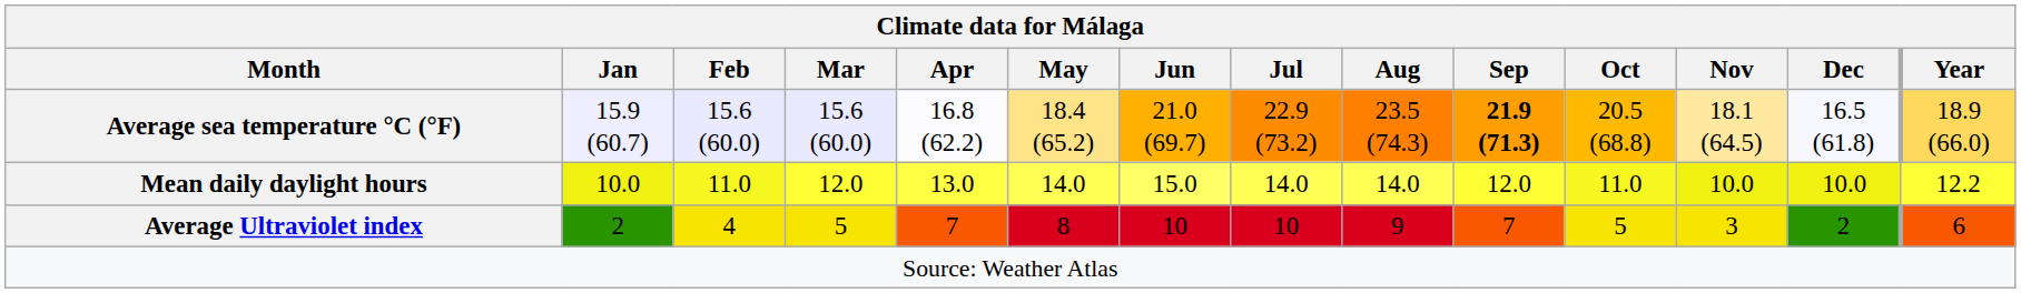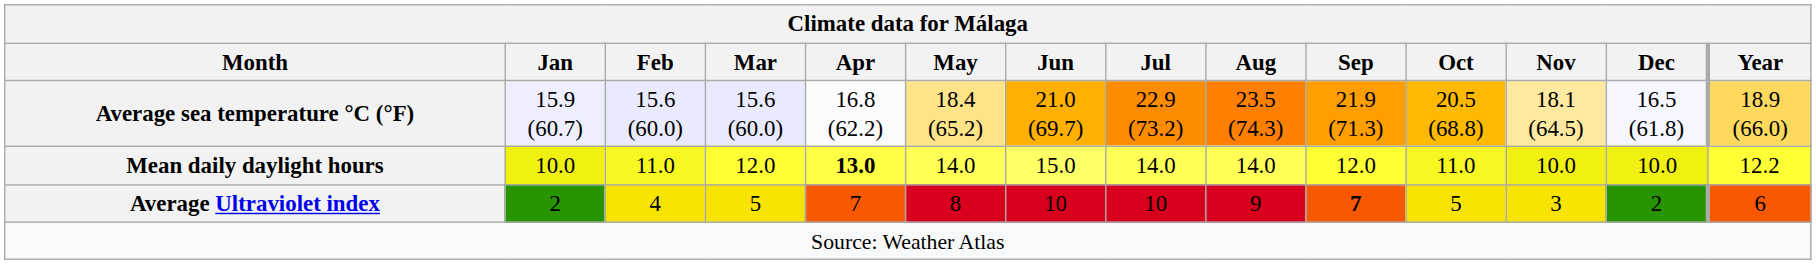 <table style="width:100%;text-align:center;line-height:1.2em;margin-left:auto;margin-right:auto" class="wikitable mw-collapsible mw-collapsed">
 <tr>
 <th Colspan=14>Climate data for Málaga</th>
 </tr>
 <tr>
 <th>Month</th>
 <th>Jan</th>
 <th>Feb</th>
 <th>Mar</th>
 <th>Apr</th>
 <th>May</th>
 <th>Jun</th>
 <th>Jul</th>
 <th>Aug</th>
 <th>Sep</th>
 <th>Oct</th>
 <th>Nov</th>
 <th>Dec</th>
 <th style="border-left-width:medium">Year</th>
 </tr>
 <tr>
 <th>Average sea temperature °C (°F)</th>
 <td style="background:#eef; color:#000;">15.9<br>(60.7)</td>
 <td style="background:#eaeaff; color:#000;">15.6<br>(60.0)</td>
 <td style="background:#eaeaff; color:#000;">15.6<br>(60.0)</td>
 <td style="background:#fcfcff; color:#000;">16.8<br>(62.2)</td>
 <td style="background:#ffe388; color:#000;">18.4<br>(65.2)</td>
 <td style="background:#ffb000; color:#000;">21.0<br>(69.7)</td>
 <td style="background:#ff8b00; color:#000;">22.9<br>(73.2)</td>
 <td style="background:#ff7f00; color:#000;">23.5<br>(74.3)</td>
-<td style="background:#ff9e00; color:#000;"><strong>21.9<br>(71.3)</strong></td>
+<td style="background:#ff9e00; color:#000;">21.9<br>(71.3)</td>
 <td style="background:#ffba00; color:#000;">20.5<br>(68.8)</td>
 <td style="background:#ffe9a1; color:#000;">18.1<br>(64.5)</td>
 <td style="background:#f7f7ff; color:#000;">16.5<br>(61.8)</td>
 <td style="background:#ffd95e; color:#000; border-left-width:medium;">18.9<br>(66.0)</td>
 </tr>
 <tr>
 <th>Mean daily daylight hours</th>
 <td style="background:#f0f011; color:#000;">10.0</td>
 <td style="background:#f7f722; color:#000;">11.0</td>
 <td style="background:#ff3; color:#000;">12.0</td>
-<td style="background:#ff4; color:#000;">13.0</td>
+<td style="background:#ff4; color:#000;"><strong>13.0</strong></td>
 <td style="background:#ff5; color:#000;">14.0</td>
 <td style="background:#ff6; color:#000;">15.0</td>
 <td style="background:#ff5; color:#000;">14.0</td>
 <td style="background:#ff5; color:#000;">14.0</td>
 <td style="background:#ff3; color:#000;">12.0</td>
 <td style="background:#f7f722; color:#000;">11.0</td>
 <td style="background:#f0f011; color:#000;">10.0</td>
 <td style="background:#f0f011; color:#000;">10.0</td>
 <td style="background:#ffff35; color:#000;">12.2</td>
 </tr>
 <tr>
 <th>Average <a href='#'>Ultraviolet index</a></th>
 <td style="background:#289500; color:#000;">2</td>
 <td style="background:#f7e400; color:#000;">4</td>
 <td style="background:#f7e400; color:#000;">5</td>
 <td style="background:#f85900; color:#000;">7</td>
 <td style="background:#d8001d; color:#000;">8</td>
 <td style="background:#d8001d; color:#000;">10</td>
 <td style="background:#d8001d; color:#000;">10</td>
 <td style="background:#d8001d; color:#000;">9</td>
-<td style="background:#f85900; color:#000;">7</td>
+<td style="background:#f85900; color:#000;"><strong>7</strong></td>
 <td style="background:#f7e400; color:#000;">5</td>
 <td style="background:#f7e400; color:#000;">3</td>
 <td style="background:#289500; color:#000;">2</td>
 <td style="background:#f85900; color:#000; border-left-width:medium;">6</td>
 </tr>
 <tr>
 <th Colspan=14 style="background:#f8f9fa;font-weight:normal;font-size:95%;">Source: Weather Atlas </th>
 </tr>
 </table>
